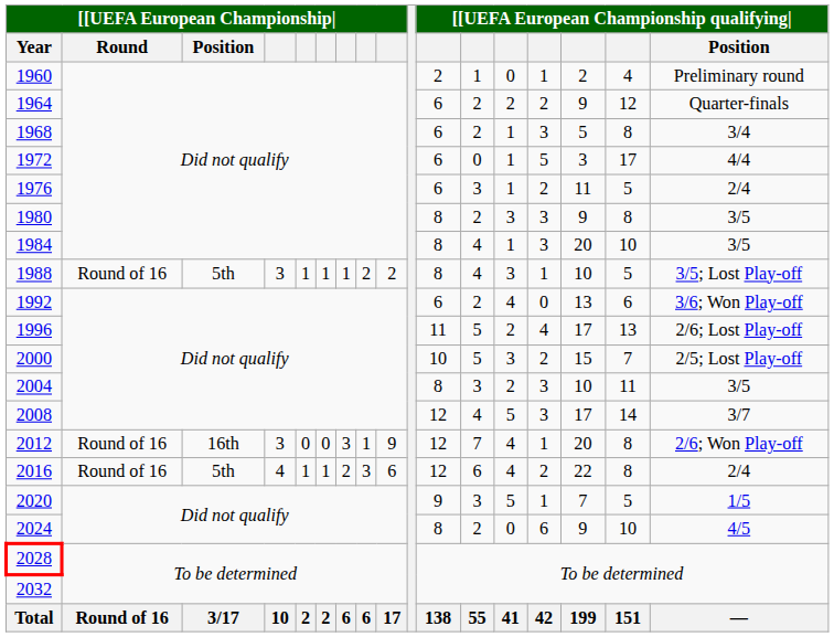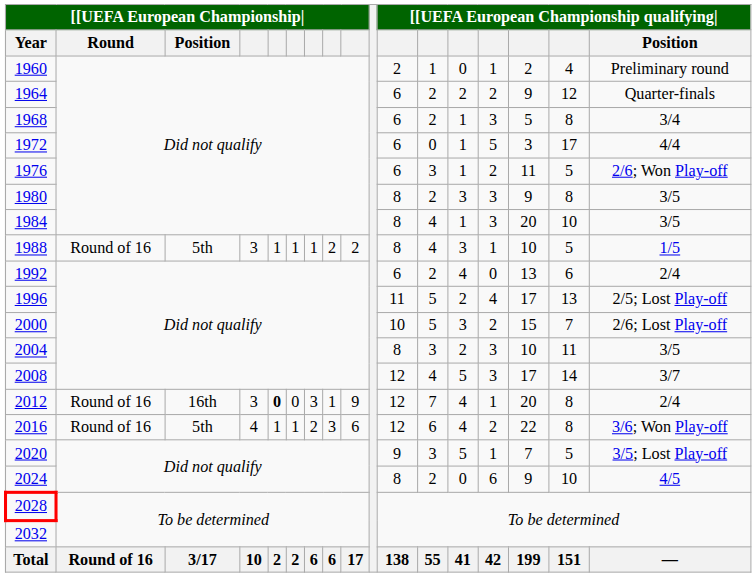 <table class="wikitable" style="text-align: center;">
 <tr>
 <th colspan="9" style="background:#006400;color:#FFFFFF;">[[UEFA European Championship|</th>
 <th rowspan="22" style="width:1%;"></th>
 <th colspan="7" style="background:#006400;color:#FFFFFF;">[[UEFA European Championship qualifying|</th>
 </tr>
 <tr>
 <th>Year</th>
 <th>Round</th>
 <th>Position</th>
 <th></th>
 <th></th>
 <th></th>
 <th></th>
 <th></th>
 <th></th>
 <th></th>
 <th></th>
 <th></th>
 <th></th>
 <th></th>
 <th></th>
 <th>Position</th>
 </tr>
 <tr>
 <td> <a href='#'>1960</a></td>
 <td colspan=8 rowspan=7><em>Did not qualify</em></td>
 <td>2</td>
 <td>1</td>
 <td>0</td>
 <td>1</td>
 <td>2</td>
 <td>4</td>
 <td>Preliminary round</td>
 </tr>
 <tr>
 <td> <a href='#'>1964</a></td>
 <td>6</td>
 <td>2</td>
 <td>2</td>
 <td>2</td>
 <td>9</td>
 <td>12</td>
 <td>Quarter-finals</td>
 </tr>
 <tr>
 <td> <a href='#'>1968</a></td>
 <td>6</td>
 <td>2</td>
 <td>1</td>
 <td>3</td>
 <td>5</td>
 <td>8</td>
 <td>3/4</td>
 </tr>
 <tr>
 <td> <a href='#'>1972</a></td>
 <td>6</td>
 <td>0</td>
 <td>1</td>
 <td>5</td>
 <td>3</td>
 <td>17</td>
 <td>4/4</td>
 </tr>
 <tr>
 <td> <a href='#'>1976</a></td>
 <td>6</td>
 <td>3</td>
 <td>1</td>
 <td>2</td>
 <td>11</td>
 <td>5</td>
-<td>2/4</td>
+<td><a href='#'>2/6</a>; Won <a href='#'>Play-off</a></td>
 </tr>
 <tr>
 <td> <a href='#'>1980</a></td>
 <td>8</td>
 <td>2</td>
 <td>3</td>
 <td>3</td>
 <td>9</td>
 <td>8</td>
 <td>3/5</td>
 </tr>
 <tr>
 <td> <a href='#'>1984</a></td>
 <td>8</td>
 <td>4</td>
 <td>1</td>
 <td>3</td>
 <td>20</td>
 <td>10</td>
 <td>3/5</td>
 </tr>
 <tr>
 <td> <a href='#'>1988</a></td>
 <td>Round of 16</td>
 <td>5th</td>
 <td>3</td>
 <td>1</td>
 <td>1</td>
 <td>1</td>
 <td>2</td>
 <td>2</td>
 <td>8</td>
 <td>4</td>
 <td>3</td>
 <td>1</td>
 <td>10</td>
 <td>5</td>
-<td><a href='#'>3/5</a>; Lost <a href='#'>Play-off</a></td>
+<td><a href='#'>1/5</a></td>
 </tr>
 <tr>
 <td> <a href='#'>1992</a></td>
 <td colspan=8 rowspan=5><em>Did not qualify</em></td>
 <td>6</td>
 <td>2</td>
 <td>4</td>
 <td>0</td>
 <td>13</td>
 <td>6</td>
-<td><a href='#'>3/6</a>; Won <a href='#'>Play-off</a></td>
+<td>2/4</td>
 </tr>
 <tr>
 <td> <a href='#'>1996</a></td>
 <td>11</td>
 <td>5</td>
 <td>2</td>
 <td>4</td>
 <td>17</td>
 <td>13</td>
-<td>2/6; Lost <a href='#'>Play-off</a></td>
+<td>2/5; Lost <a href='#'>Play-off</a></td>
 </tr>
 <tr>
 <td>  <a href='#'>2000</a></td>
 <td>10</td>
 <td>5</td>
 <td>3</td>
 <td>2</td>
 <td>15</td>
 <td>7</td>
-<td>2/5; Lost <a href='#'>Play-off</a></td>
+<td>2/6; Lost <a href='#'>Play-off</a></td>
 </tr>
 <tr>
 <td> <a href='#'>2004</a></td>
 <td>8</td>
 <td>3</td>
 <td>2</td>
 <td>3</td>
 <td>10</td>
 <td>11</td>
 <td>3/5</td>
 </tr>
 <tr>
 <td>  <a href='#'>2008</a></td>
 <td>12</td>
 <td>4</td>
 <td>5</td>
 <td>3</td>
 <td>17</td>
 <td>14</td>
 <td>3/7</td>
 </tr>
 <tr>
 <td>  <a href='#'>2012</a></td>
 <td>Round of 16</td>
 <td>16th</td>
 <td>3</td>
-<td>0</td>
+<td><strong>0</strong></td>
 <td>0</td>
 <td>3</td>
 <td>1</td>
 <td>9</td>
 <td>12</td>
 <td>7</td>
 <td>4</td>
 <td>1</td>
 <td>20</td>
 <td>8</td>
-<td><a href='#'>2/6</a>; Won <a href='#'>Play-off</a></td>
+<td>2/4</td>
 </tr>
 <tr>
 <td> <a href='#'>2016</a></td>
 <td>Round of 16</td>
 <td>5th</td>
 <td>4</td>
 <td>1</td>
 <td>1</td>
 <td>2</td>
 <td>3</td>
 <td>6</td>
 <td>12</td>
 <td>6</td>
 <td>4</td>
 <td>2</td>
 <td>22</td>
 <td>8</td>
-<td>2/4</td>
+<td><a href='#'>3/6</a>; Won <a href='#'>Play-off</a></td>
 </tr>
 <tr>
 <td> <a href='#'>2020</a></td>
 <td colspan=8 rowspan=2><em>Did not qualify</em></td>
 <td>9</td>
 <td>3</td>
 <td>5</td>
 <td>1</td>
 <td>7</td>
 <td>5</td>
-<td><a href='#'>1/5</a></td>
+<td><a href='#'>3/5</a>; Lost <a href='#'>Play-off</a></td>
 </tr>
 <tr>
 <td> <a href='#'>2024</a></td>
 <td>8</td>
 <td>2</td>
 <td>0</td>
 <td>6</td>
 <td>9</td>
 <td>10</td>
 <td><a href='#'>4/5</a></td>
 </tr>
 <tr>
 <td style="border: 3px solid red">  <a href='#'>2028</a></td>
 <td colspan=8 rowspan=2><em>To be determined</em></td>
 <td colspan=8 rowspan=2><em>To be determined</em></td>
 </tr>
 <tr>
 <td>  <a href='#'>2032</a></td>
 </tr>
 <tr>
 <th>Total</th>
 <th>Round of 16</th>
 <th>3/17</th>
 <th>10</th>
 <th>2</th>
 <th>2</th>
 <th>6</th>
 <th>6</th>
 <th>17</th>
 <th>138</th>
 <th>55</th>
 <th>41</th>
 <th>42</th>
 <th>199</th>
 <th>151</th>
 <th>—</th>
 </tr>
 </table>
